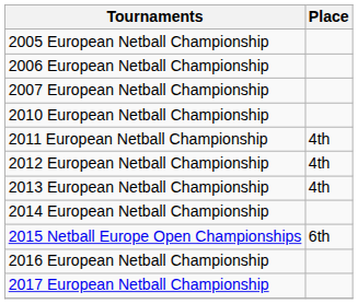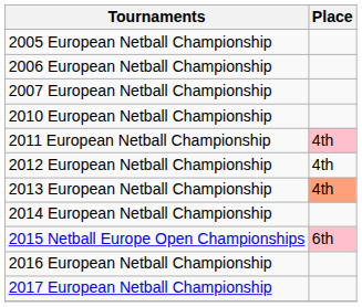 <table class="wikitable collapsible">
 <tr>
 <th>Tournaments</th>
 <th>Place</th>
 </tr>
 <tr>
 <td>2005 European Netball Championship </td>
 <td></td>
 </tr>
 <tr>
 <td>2006 European Netball Championship </td>
 <td></td>
 </tr>
 <tr>
 <td>2007 European Netball Championship </td>
 <td></td>
 </tr>
 <tr>
 <td>2010 European Netball Championship </td>
 <td></td>
 </tr>
 <tr>
 <td>2011 European Netball Championship </td>
-<td>4th</td>
+<td style="background: pink;">4th</td>
 </tr>
 <tr>
 <td>2012 European Netball Championship </td>
 <td>4th</td>
 </tr>
 <tr>
 <td>2013 European Netball Championship </td>
-<td>4th</td>
+<td style="background: lightsalmon;">4th</td>
 </tr>
 <tr>
 <td>2014 European Netball Championship </td>
 <td></td>
 </tr>
 <tr>
 <td><a href='#'>2015 Netball Europe Open Championships</a></td>
-<td>6th</td>
+<td style="background: pink;">6th</td>
 </tr>
 <tr>
 <td>2016 European Netball Championship </td>
 <td></td>
 </tr>
 <tr>
 <td><a href='#'>2017 European Netball Championship</a></td>
 <td></td>
 </tr>
 <tr>
 </tr>
 </table>
